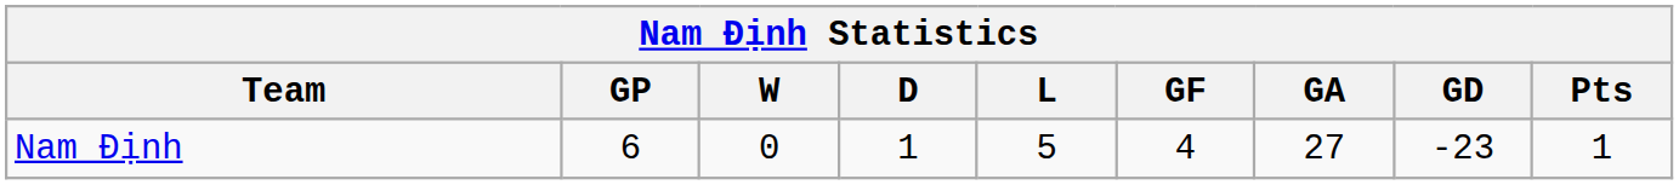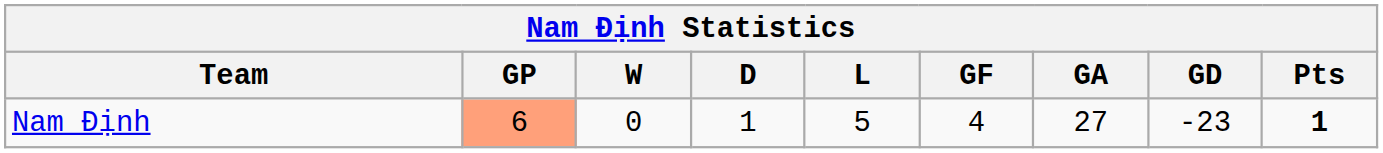 <table width=70% class="wikitable" style="text-align:center;">
 <tr>
 <th colspan=9><a href='#'>Nam Định</a> Statistics</th>
 </tr>
 <tr>
 <th width=20%>Team</th>
 <th width=5%>GP</th>
 <th width=5%>W</th>
 <th width=5%>D</th>
 <th width=5%>L</th>
 <th width=5%>GF</th>
 <th width=5%>GA</th>
 <th width=5%>GD</th>
 <th width=5%>Pts</th>
 </tr>
 <tr>
 <td style="text-align:left;"> <a href='#'>Nam Định</a></td>
-<td>6</td>
+<td style="background: lightsalmon;">6</td>
 <td>0</td>
 <td>1</td>
 <td>5</td>
 <td>4</td>
 <td>27</td>
 <td>-23</td>
-<td>1</td>
+<td><strong>1</strong></td>
 </tr>
 </table>
